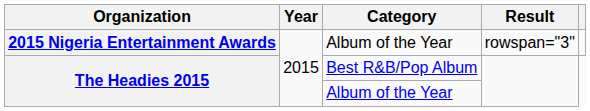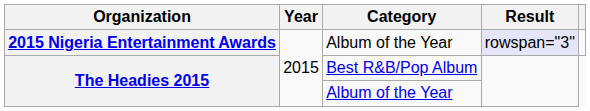 <table class="wikitable sortable plainrowheaders" style="border:none; margin:0;">
 <tr>
 <th scope="col">Organization</th>
 <th scope="col">Year</th>
 <th scope="col">Category</th>
 <th scope="col">Result</th>
 <th class="unsortable" scope="col"></th>
 </tr>
 <tr>
 <th scope="row"><a href='#'>2015 Nigeria Entertainment Awards</a></th>
 <td rowspan="3">2015</td>
 <td>Album of the Year</td>
-<td>rowspan="3" </td>
+<td style="background: lavender;">rowspan="3" </td>
 <td></td>
 </tr>
 <tr>
 <th scope="row" rowspan="2"><a href='#'>The Headies 2015</a></th>
 <td><a href='#'>Best R&B/Pop Album</a></td>
 <td rowspan="2"></td>
 </tr>
 <tr>
 <td><a href='#'>Album of the Year</a></td>
 </tr>
 <tr>
 </tr>
 </table>
